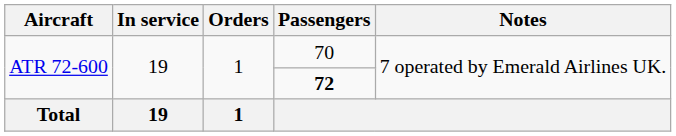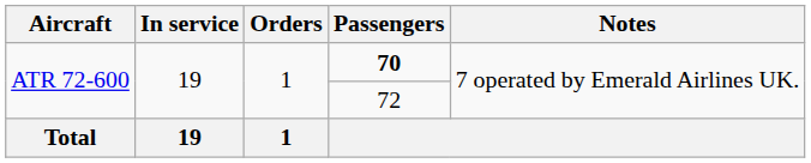 <table class="wikitable" style="border-collapse:collapse;text-align:center;margin:auto;">
 <tr>
 <th>Aircraft</th>
 <th>In service</th>
 <th>Orders</th>
 <th>Passengers</th>
 <th>Notes</th>
 </tr>
 <tr>
 <td rowspan="2"><a href='#'>ATR 72-600</a></td>
 <td rowspan="2">19</td>
 <td rowspan="2">1</td>
-<td>70</td>
+<td><strong>70</strong></td>
 <td rowspan="2">7 operated by Emerald Airlines UK.</td>
 </tr>
 <tr>
-<td><strong>72</strong></td>
+<td>72</td>
 </tr>
 <tr>
 <th>Total</th>
 <th>19</th>
 <th>1</th>
 <th colspan="2"></th>
 </tr>
 </table>
